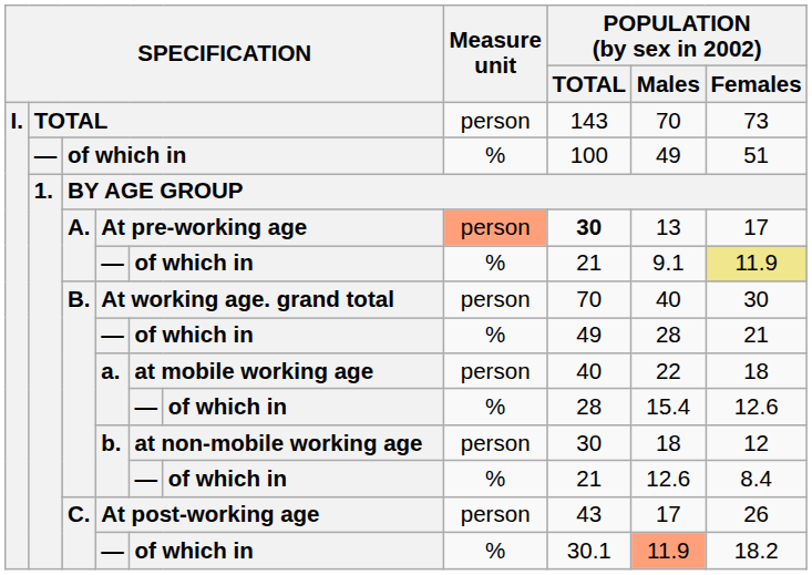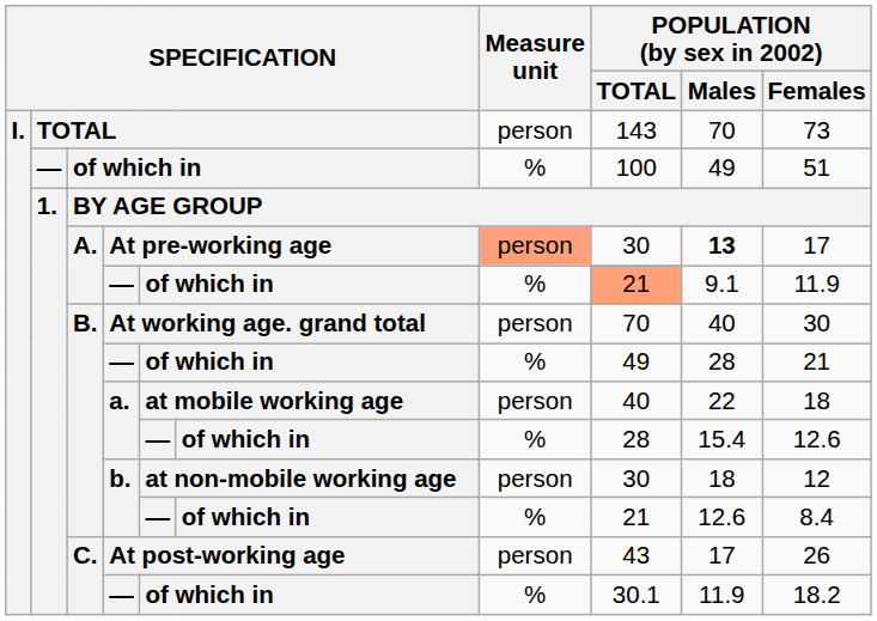 <table class="wikitable" style="font-size:85%; text-align:center">
 <tr>
 <th rowspan="2" colspan="6">SPECIFICATION</th>
 <th rowspan="2">Measure<br> unit</th>
 <th colspan="3" rowspan="1">POPULATION<br> (by sex in 2002)</th>
 </tr>
 <tr>
 <th>TOTAL</th>
 <th>Males</th>
 <th>Females</th>
 </tr>
 <tr>
 <th style="text-align:left" valign="top" rowspan="13">I.</th>
 <th style="text-align:left" colspan="5">TOTAL</th>
 <td>person</td>
 <td>143</td>
 <td>70</td>
 <td>73</td>
 </tr>
 <tr>
 <th style="text-align:left" valign="top">—</th>
 <th style="text-align:left" colspan="4">of which in</th>
 <td>%</td>
 <td>100</td>
 <td>49</td>
 <td>51</td>
 </tr>
 <tr>
 <th style="text-align:left" valign="top" rowspan="11">1.</th>
 <th style="text-align:left" colspan="19">BY AGE GROUP</th>
 </tr>
 <tr>
 <th style="text-align:left" valign="top" rowspan="2">A.</th>
 <th style="text-align:left" colspan="3">At pre-working age</th>
 <td style="background: lightsalmon;">person</td>
-<td><strong>30</strong></td>
-<td>13</td>
+<td>30</td>
+<td><strong>13</strong></td>
 <td>17</td>
 </tr>
 <tr>
 <th style="text-align:left" valign="top">—</th>
 <th style="text-align:left" valign="top" colspan="2">of which in</th>
 <td>%</td>
-<td>21</td>
+<td style="background: lightsalmon;">21</td>
 <td>9.1</td>
-<td style="background: khaki;">11.9</td>
+<td>11.9</td>
 </tr>
 <tr>
 <th style="text-align:left" valign="top" rowspan="6">B.</th>
 <th style="text-align:left" colspan="3">At working age. grand total</th>
 <td>person</td>
 <td>70</td>
 <td>40</td>
 <td>30</td>
 </tr>
 <tr>
 <th style="text-align:left" valign="top">—</th>
 <th style="text-align:left" valign="top" colspan="2">of which in</th>
 <td>%</td>
 <td>49</td>
 <td>28</td>
 <td>21</td>
 </tr>
 <tr>
 <th style="text-align:left" valign="top" rowspan="2">a.</th>
 <th style="text-align:left" colspan="2">at mobile working age</th>
 <td>person</td>
 <td>40</td>
 <td>22</td>
 <td>18</td>
 </tr>
 <tr>
 <th style="text-align:left" valign="top">—</th>
 <th style="text-align:left" valign="top" colspan="1">of which in                        </th>
 <td>%</td>
 <td>28</td>
 <td>15.4</td>
 <td>12.6</td>
 </tr>
 <tr>
 <th style="text-align:left" valign="top" rowspan="2">b.</th>
 <th style="text-align:left" colspan="2">at non-mobile working age</th>
 <td>person</td>
 <td>30</td>
 <td>18</td>
 <td>12</td>
 </tr>
 <tr>
 <th style="text-align:left" valign="top">—</th>
 <th style="text-align:left" valign="top" colspan="1">of which in                        </th>
 <td>%</td>
 <td>21</td>
 <td>12.6</td>
 <td>8.4</td>
 </tr>
 <tr>
 <th style="text-align:left" valign="top" rowspan="2">C.</th>
 <th style="text-align:left" colspan="3">At post-working age</th>
 <td>person</td>
 <td>43</td>
 <td>17</td>
 <td>26</td>
 </tr>
 <tr>
 <th style="text-align:left" valign="top">—</th>
 <th style="text-align:left" valign="top" colspan="2">of which in</th>
 <td>%</td>
 <td>30.1</td>
-<td style="background: lightsalmon;">11.9</td>
+<td>11.9</td>
 <td>18.2</td>
 </tr>
 </table>
